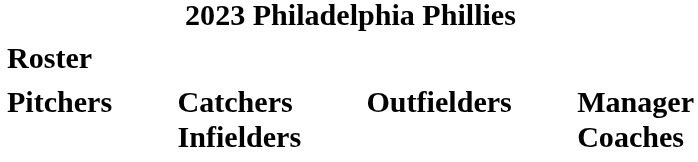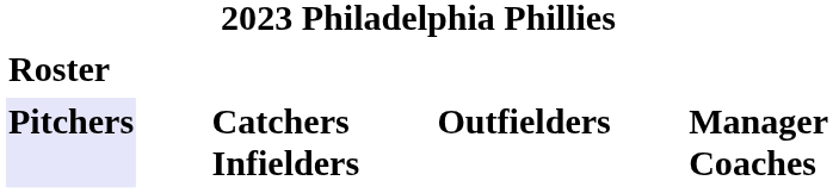 <table class="toccolours" style="font-size: 95%;">
 <tr>
 <th colspan="10"><strong>2023 Philadelphia Phillies</strong></th>
 </tr>
 <tr>
 <td colspan="7"><strong>Roster</strong></td>
 </tr>
 <tr>
-<td valign="top"><strong>Pitchers</strong><br>                       </td>
+<td valign="top" style="background: lavender;"><strong>Pitchers</strong><br>                       </td>
 <td style="width:25px;"></td>
 <td valign="top"><strong>Catchers</strong><br>  <strong>Infielders</strong>          </td>
 <td style="width:25px;"></td>
 <td valign="top"><strong>Outfielders</strong><br>       </td>
 <td style="width:25px;"></td>
 <td valign="top"><strong>Manager</strong><br> <strong>Coaches</strong>                      </td>
 </tr>
 </table>
